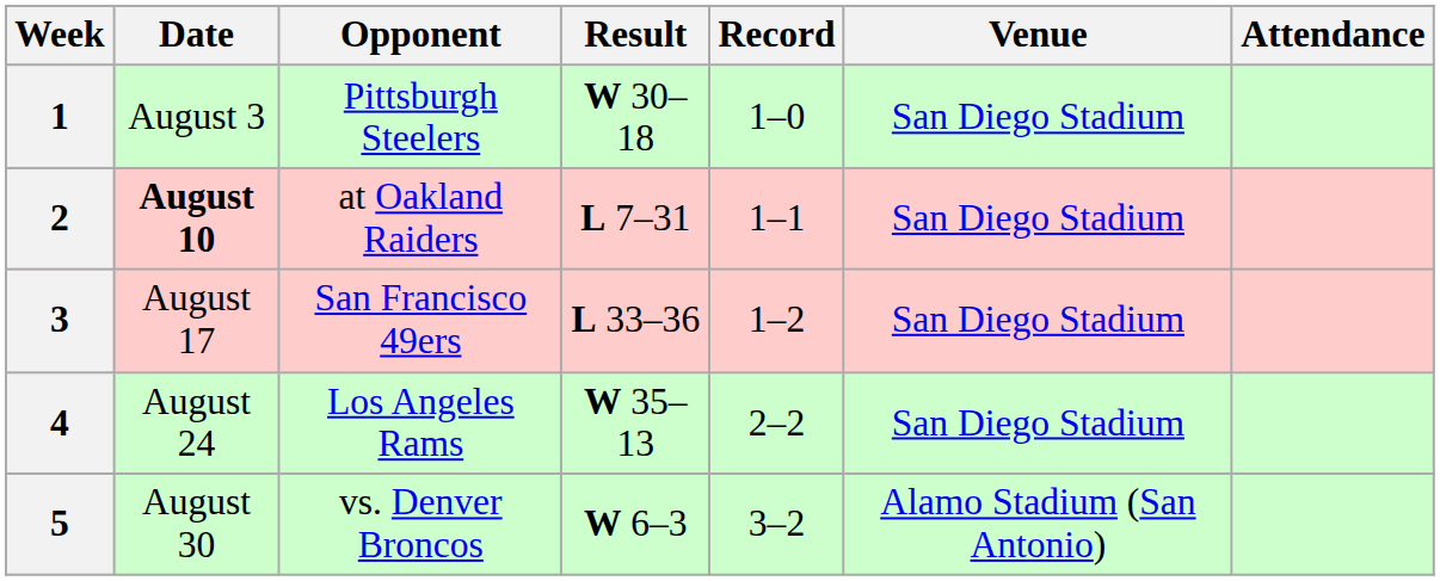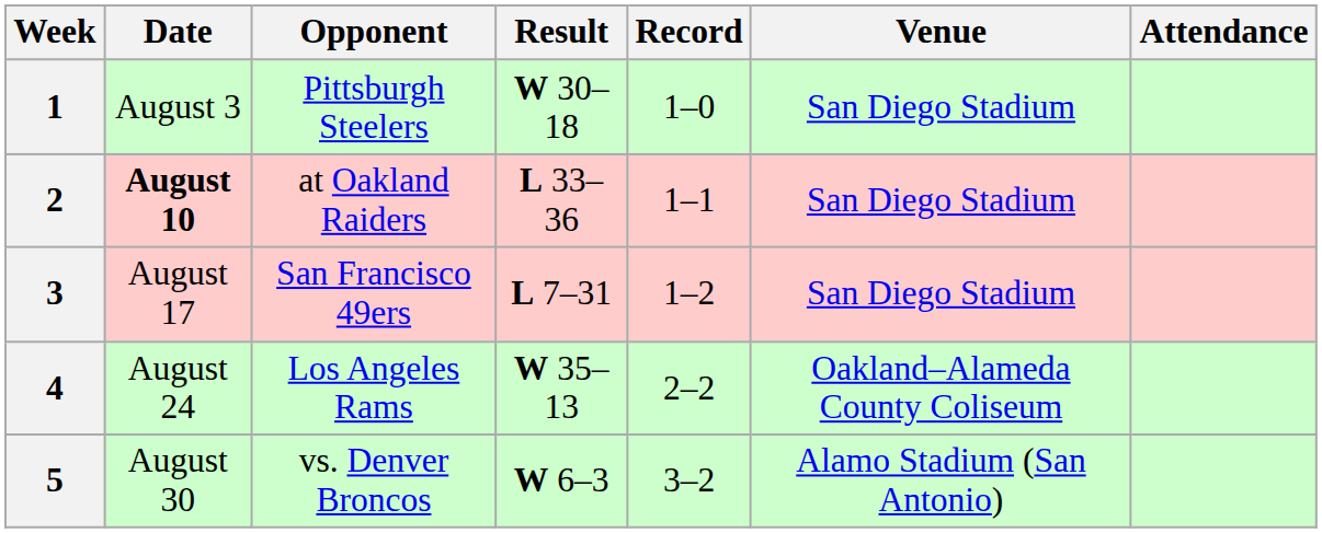 <table class="wikitable" style="text-align:center">
 <tr>
 <th>Week</th>
 <th>Date</th>
 <th>Opponent</th>
 <th>Result</th>
 <th>Record</th>
 <th>Venue</th>
 <th>Attendance</th>
 </tr>
 <tr style="background:#cfc">
 <th>1</th>
 <td>August 3</td>
 <td><a href='#'>Pittsburgh Steelers</a></td>
 <td><strong>W</strong> 30–18</td>
 <td>1–0</td>
 <td><a href='#'>San Diego Stadium</a></td>
 <td></td>
 </tr>
 <tr style="background:#fcc">
 <th>2</th>
 <td><strong>August 10</strong></td>
 <td>at <a href='#'>Oakland Raiders</a></td>
-<td><strong>L</strong> 7–31</td>
+<td><strong>L</strong> 33–36</td>
 <td>1–1</td>
 <td><a href='#'>San Diego Stadium</a></td>
 <td></td>
 </tr>
 <tr style="background:#fcc">
 <th>3</th>
 <td>August 17</td>
 <td><a href='#'>San Francisco 49ers</a></td>
-<td><strong>L</strong> 33–36</td>
+<td><strong>L</strong> 7–31</td>
 <td>1–2</td>
 <td><a href='#'>San Diego Stadium</a></td>
 <td></td>
 </tr>
 <tr style="background:#cfc">
 <th>4</th>
 <td>August 24</td>
 <td><a href='#'>Los Angeles Rams</a></td>
 <td><strong>W</strong> 35–13</td>
 <td>2–2</td>
-<td><a href='#'>San Diego Stadium</a></td>
+<td><a href='#'>Oakland–Alameda County Coliseum</a></td>
 <td></td>
 </tr>
 <tr style="background:#cfc">
 <th>5</th>
 <td>August 30</td>
 <td>vs. <a href='#'>Denver Broncos</a></td>
 <td><strong>W</strong> 6–3</td>
 <td>3–2</td>
 <td><a href='#'>Alamo Stadium</a> (<a href='#'>San Antonio</a>)</td>
 <td></td>
 </tr>
 </table>
